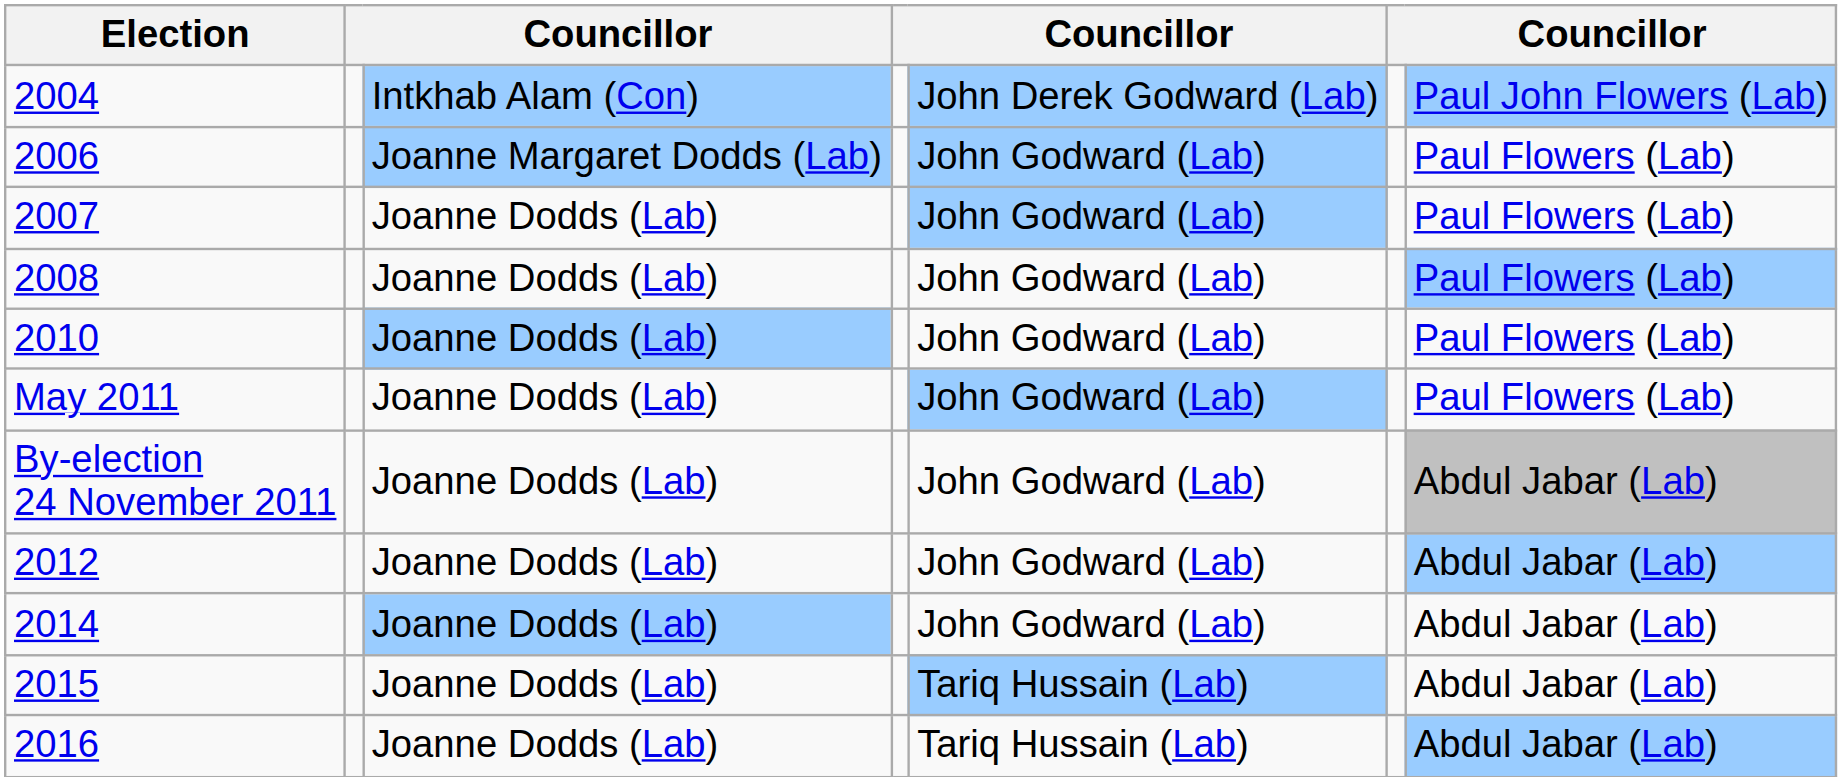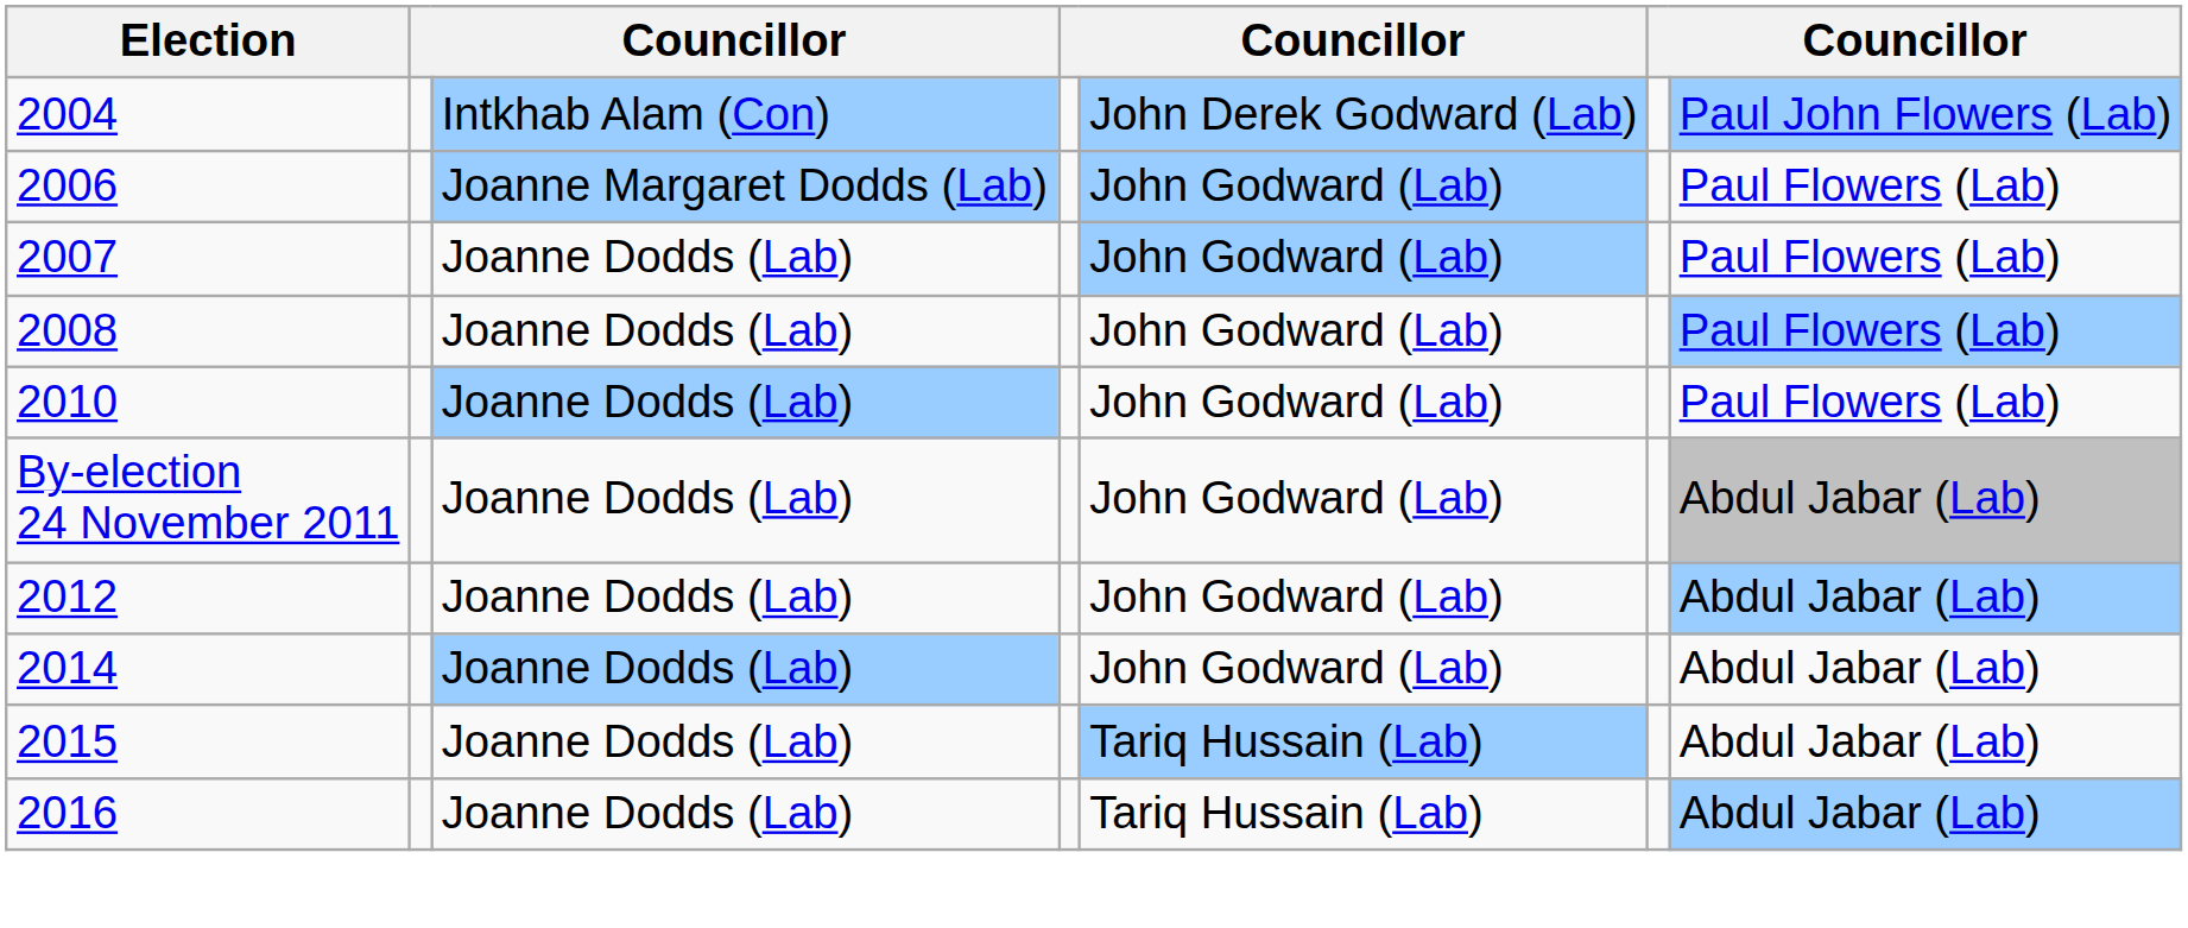 <table class="wikitable">
 <tr>
 <th>Election</th>
 <th colspan="2">Councillor</th>
 <th colspan="2">Councillor</th>
 <th colspan="2">Councillor</th>
 </tr>
 <tr>
 <td><a href='#'>2004</a></td>
 <td style="background-color: "></td>
 <td bgcolor="#99CCFF">Intkhab Alam (<a href='#'>Con</a>)</td>
 <td style="background-color: "></td>
 <td bgcolor="#99CCFF">John Derek Godward (<a href='#'>Lab</a>)</td>
 <td style="background-color: "></td>
 <td bgcolor="#99CCFF"><a href='#'>Paul John Flowers</a> (<a href='#'>Lab</a>)</td>
 </tr>
 <tr>
 <td><a href='#'>2006</a></td>
 <td style="background-color: "></td>
 <td bgcolor="#99CCFF">Joanne Margaret Dodds (<a href='#'>Lab</a>)</td>
 <td style="background-color: "></td>
 <td bgcolor="#99CCFF">John Godward (<a href='#'>Lab</a>)</td>
 <td style="background-color: "></td>
 <td><a href='#'>Paul Flowers</a> (<a href='#'>Lab</a>)</td>
 </tr>
 <tr>
 <td><a href='#'>2007</a></td>
 <td style="background-color: "></td>
 <td>Joanne Dodds (<a href='#'>Lab</a>)</td>
 <td style="background-color: "></td>
 <td bgcolor="#99CCFF">John Godward (<a href='#'>Lab</a>)</td>
 <td style="background-color: "></td>
 <td><a href='#'>Paul Flowers</a> (<a href='#'>Lab</a>)</td>
 </tr>
 <tr>
 <td><a href='#'>2008</a></td>
 <td style="background-color: "></td>
 <td>Joanne Dodds (<a href='#'>Lab</a>)</td>
 <td style="background-color: "></td>
 <td>John Godward (<a href='#'>Lab</a>)</td>
 <td style="background-color: "></td>
 <td bgcolor="#99CCFF"><a href='#'>Paul Flowers</a> (<a href='#'>Lab</a>)</td>
 </tr>
 <tr>
 <td><a href='#'>2010</a></td>
 <td style="background-color: "></td>
 <td bgcolor="#99CCFF">Joanne Dodds (<a href='#'>Lab</a>)</td>
 <td style="background-color: "></td>
 <td>John Godward (<a href='#'>Lab</a>)</td>
 <td style="background-color: "></td>
 <td><a href='#'>Paul Flowers</a> (<a href='#'>Lab</a>)</td>
 </tr>
 <tr>
-<td><a href='#'>May 2011</a></td>
-<td style="background-color: "></td>
-<td>Joanne Dodds (<a href='#'>Lab</a>)</td>
-<td style="background-color: "></td>
-<td bgcolor="#99CCFF">John Godward (<a href='#'>Lab</a>)</td>
-<td style="background-color: "></td>
-<td><a href='#'>Paul Flowers</a> (<a href='#'>Lab</a>)</td>
-</tr>
-<tr>
 <td><a href='#'>By-election<br>24 November 2011</a></td>
 <td style="background-color: "></td>
 <td>Joanne Dodds (<a href='#'>Lab</a>)</td>
 <td style="background-color: "></td>
 <td>John Godward (<a href='#'>Lab</a>)</td>
 <td style="background-color: "></td>
 <td bgcolor="#C0C0C0">Abdul Jabar (<a href='#'>Lab</a>)</td>
 </tr>
 <tr>
 <td><a href='#'>2012</a></td>
 <td style="background-color: "></td>
 <td>Joanne Dodds (<a href='#'>Lab</a>)</td>
 <td style="background-color: "></td>
 <td>John Godward (<a href='#'>Lab</a>)</td>
 <td style="background-color: "></td>
 <td bgcolor="#99CCFF">Abdul Jabar (<a href='#'>Lab</a>)</td>
 </tr>
 <tr>
 <td><a href='#'>2014</a></td>
 <td style="background-color: "></td>
 <td bgcolor="#99CCFF">Joanne Dodds (<a href='#'>Lab</a>)</td>
 <td style="background-color: "></td>
 <td>John Godward (<a href='#'>Lab</a>)</td>
 <td style="background-color: "></td>
 <td>Abdul Jabar (<a href='#'>Lab</a>)</td>
 </tr>
 <tr>
 <td><a href='#'>2015</a></td>
 <td style="background-color: "></td>
 <td>Joanne Dodds (<a href='#'>Lab</a>)</td>
 <td style="background-color: "></td>
 <td bgcolor="#99CCFF">Tariq Hussain (<a href='#'>Lab</a>)</td>
 <td style="background-color: "></td>
 <td>Abdul Jabar (<a href='#'>Lab</a>)</td>
 </tr>
 <tr>
 <td><a href='#'>2016</a></td>
 <td style="background-color: "></td>
 <td>Joanne Dodds (<a href='#'>Lab</a>)</td>
 <td style="background-color: "></td>
 <td>Tariq Hussain (<a href='#'>Lab</a>)</td>
 <td style="background-color: "></td>
 <td bgcolor="#99CCFF">Abdul Jabar (<a href='#'>Lab</a>)</td>
 </tr>
 </table>
